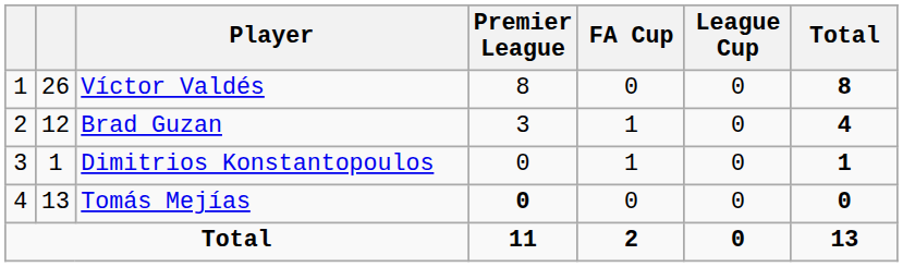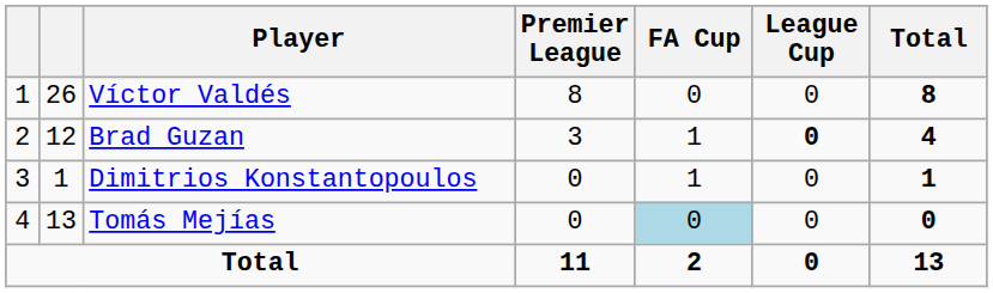 <table class="wikitable sortable" style="font-size: 95%; text-align: center;">
 <tr>
 <th width=10></th>
 <th width=10></th>
 <th width=200>Player</th>
 <th width=50>Premier League</th>
 <th width=50>FA Cup</th>
 <th width=50>League Cup</th>
 <th width=50>Total</th>
 </tr>
 <tr>
 <td rowspan="1">1</td>
 <td>26</td>
 <td align=left> <a href='#'>Víctor Valdés</a></td>
 <td>8</td>
 <td>0</td>
 <td>0</td>
 <td><strong>8</strong></td>
 </tr>
 <tr>
 <td rowspan="1">2</td>
 <td>12</td>
 <td align=left> <a href='#'>Brad Guzan</a></td>
 <td>3</td>
 <td>1</td>
-<td>0</td>
+<td><strong>0</strong></td>
 <td><strong>4</strong></td>
 </tr>
 <tr>
 <td rowspan="1">3</td>
 <td>1</td>
 <td align="left"> <a href='#'>Dimitrios Konstantopoulos</a></td>
 <td>0</td>
 <td>1</td>
 <td>0</td>
 <td><strong>1</strong></td>
 </tr>
 <tr>
 <td rowspan="1">4</td>
 <td>13</td>
 <td align=left> <a href='#'>Tomás Mejías</a></td>
-<td><strong>0</strong></td>
 <td>0</td>
+<td style="background: lightblue;">0</td>
 <td>0</td>
 <td><strong>0</strong></td>
 </tr>
 <tr>
 <td colspan="3"><strong>Total</strong></td>
 <td><strong>11</strong></td>
 <td><strong>2</strong></td>
 <td><strong>0</strong></td>
 <td><strong>13</strong></td>
 </tr>
 </table>
